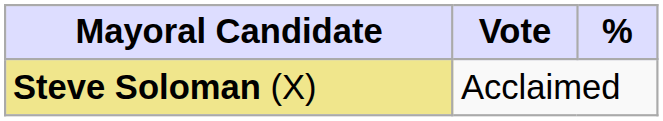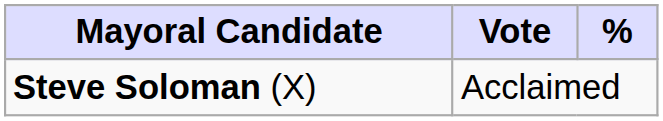 <table class="wikitable">
 <tr>
 <th style="background:#ddf; width:200px;">Mayoral Candidate</th>
 <th style="background:#ddf; width:50px;">Vote</th>
 <th style="background:#ddf; width:30px;">%</th>
 </tr>
 <tr>
-<td style="background: khaki;"><strong>Steve Soloman</strong> (X)</td>
+<td><strong>Steve Soloman</strong> (X)</td>
 <td colspan="2">Acclaimed</td>
 </tr>
 </table>
